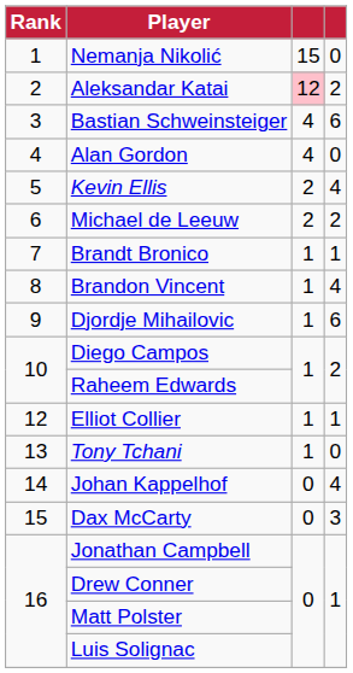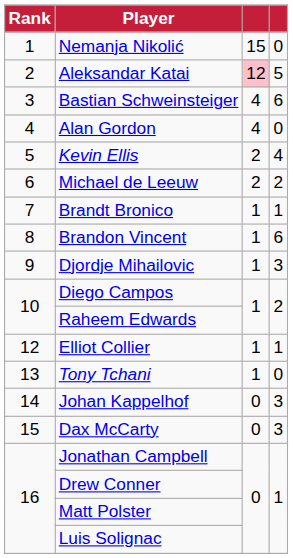 <table class="wikitable" style="text-align:center; display:inline-table;">
 <tr>
 <th style="background:#C41E3A; color:white;">Rank</th>
 <th style="background:#C41E3A; color:white;">Player</th>
 <th style="background:#C41E3A; color:white;"></th>
 <th style="background:#C41E3A; color:white;"></th>
 </tr>
 <tr>
 <td>1</td>
 <td align="left"> <a href='#'>Nemanja Nikolić</a></td>
 <td>15</td>
 <td>0</td>
 </tr>
 <tr>
 <td>2</td>
 <td align="left"> <a href='#'>Aleksandar Katai</a></td>
 <td style="background: pink;">12</td>
-<td>2</td>
+<td>5</td>
 </tr>
 <tr>
 <td>3</td>
 <td align="left"> <a href='#'>Bastian Schweinsteiger</a></td>
 <td>4</td>
 <td>6</td>
 </tr>
 <tr>
 <td>4</td>
 <td align="left"> <a href='#'>Alan Gordon</a></td>
 <td>4</td>
 <td>0</td>
 </tr>
 <tr>
 <td>5</td>
 <td align="left"> <em><a href='#'>Kevin Ellis</a></em></td>
 <td>2</td>
 <td>4</td>
 </tr>
 <tr>
 <td>6</td>
 <td align="left"> <a href='#'>Michael de Leeuw</a></td>
 <td>2</td>
 <td>2</td>
 </tr>
 <tr>
 <td>7</td>
 <td align="left"> <a href='#'>Brandt Bronico</a></td>
 <td>1</td>
 <td>1</td>
 </tr>
 <tr>
 <td>8</td>
 <td align="left"> <a href='#'>Brandon Vincent</a></td>
 <td>1</td>
-<td>4</td>
+<td>6</td>
 </tr>
 <tr>
 <td>9</td>
 <td align="left"> <a href='#'>Djordje Mihailovic</a></td>
 <td>1</td>
-<td>6</td>
+<td>3</td>
 </tr>
 <tr>
 <td rowspan="2">10</td>
 <td align="left"> <a href='#'>Diego Campos</a></td>
 <td rowspan="2">1</td>
 <td rowspan="2">2</td>
 </tr>
 <tr>
 <td align="left"> <a href='#'>Raheem Edwards</a></td>
 </tr>
 <tr>
 <td>12</td>
 <td align="left"> <a href='#'>Elliot Collier</a></td>
 <td>1</td>
 <td>1</td>
 </tr>
 <tr>
 <td>13</td>
 <td align="left"> <em><a href='#'>Tony Tchani</a></em></td>
 <td>1</td>
 <td>0</td>
 </tr>
 <tr>
 <td>14</td>
 <td align="left"> <a href='#'>Johan Kappelhof</a></td>
 <td>0</td>
-<td>4</td>
+<td>3</td>
 </tr>
 <tr>
 <td>15</td>
 <td align="left"> <a href='#'>Dax McCarty</a></td>
 <td>0</td>
 <td>3</td>
 </tr>
 <tr>
 <td rowspan="4">16</td>
 <td align="left"> <a href='#'>Jonathan Campbell</a></td>
 <td rowspan="4">0</td>
 <td rowspan="4">1</td>
 </tr>
 <tr>
 <td align="left"> <a href='#'>Drew Conner</a></td>
 </tr>
 <tr>
 <td align="left"> <a href='#'>Matt Polster</a></td>
 </tr>
 <tr>
 <td align="left"> <a href='#'>Luis Solignac</a></td>
 </tr>
 <tr>
 </tr>
 </table>
